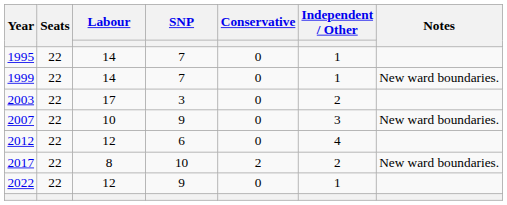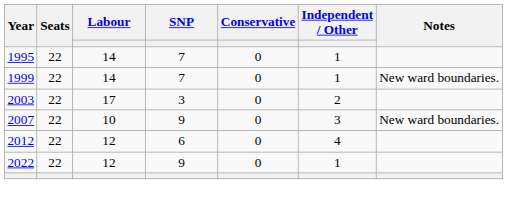 <table class="wikitable" style=text-align:center>
 <tr>
 <th rowspan=2><strong>Year</strong></th>
 <th rowspan=2><strong>Seats</strong></th>
 <th width="80"><a href='#'><strong>Labour</strong></a></th>
 <th width="80"><a href='#'><strong>SNP</strong></a></th>
 <th width="80"><a href='#'><strong>Conservative</strong></a></th>
 <th width="80"><a href='#'><strong>Independent / Other</strong></a></th>
 <th rowspan=2><strong>Notes</strong></th>
 </tr>
 <tr>
 <th style="background-color: "></th>
 <th style="background-color: "></th>
 <th style="background-color: "></th>
 <th style="background-color: "></th>
 </tr>
 <tr>
 <td><a href='#'>1995</a></td>
 <td>22</td>
 <td>14</td>
 <td>7</td>
 <td>0</td>
 <td>1</td>
 <td align=left></td>
 </tr>
 <tr>
 <td><a href='#'>1999</a></td>
 <td>22</td>
 <td>14</td>
 <td>7</td>
 <td>0</td>
 <td>1</td>
 <td align=left>New ward boundaries.</td>
 </tr>
 <tr>
 <td><a href='#'>2003</a></td>
 <td>22</td>
 <td>17</td>
 <td>3</td>
 <td>0</td>
 <td>2</td>
 <td align=left></td>
 </tr>
 <tr>
 <td><a href='#'>2007</a></td>
 <td>22</td>
 <td>10</td>
 <td>9</td>
 <td>0</td>
 <td>3</td>
 <td align=left>New ward boundaries.</td>
 </tr>
 <tr>
 <td><a href='#'>2012</a></td>
 <td>22</td>
 <td>12</td>
 <td>6</td>
 <td>0</td>
 <td>4</td>
 <td align=left></td>
 </tr>
 <tr>
-<td><a href='#'>2017</a></td>
-<td>22</td>
-<td>8</td>
-<td>10</td>
-<td>2</td>
-<td>2</td>
-<td align=left>New ward boundaries.</td>
-</tr>
-<tr>
 <td><a href='#'>2022</a></td>
 <td>22</td>
 <td>12</td>
 <td>9</td>
 <td>0</td>
 <td>1</td>
 <td align=left></td>
 </tr>
 <tr>
 <th></th>
 <th></th>
 <th style="background-color: "></th>
 <th style="background-color: "></th>
 <th style="background-color: "></th>
 <th style="background-color: "></th>
 <th></th>
 </tr>
 </table>
